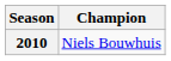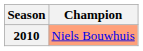 <table class="wikitable">
 <tr>
 <th>Season</th>
 <th>Champion</th>
 </tr>
 <tr>
 <th>2010</th>
-<td> <a href='#'>Niels Bouwhuis</a></td>
+<td style="background: lightsalmon;"> <a href='#'>Niels Bouwhuis</a></td>
 </tr>
 </table>
